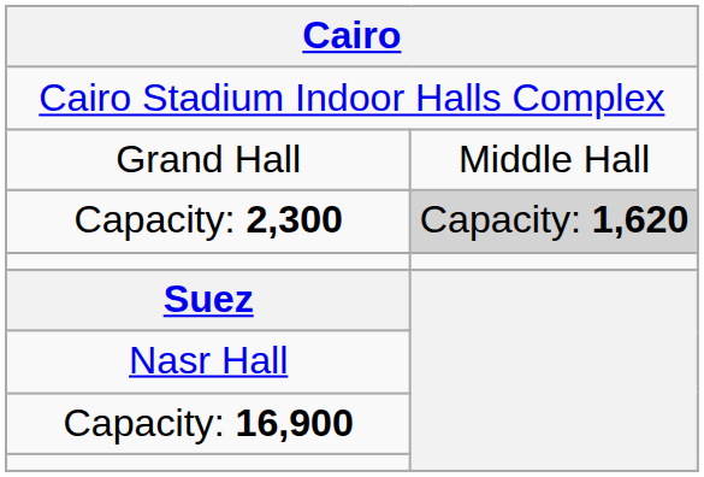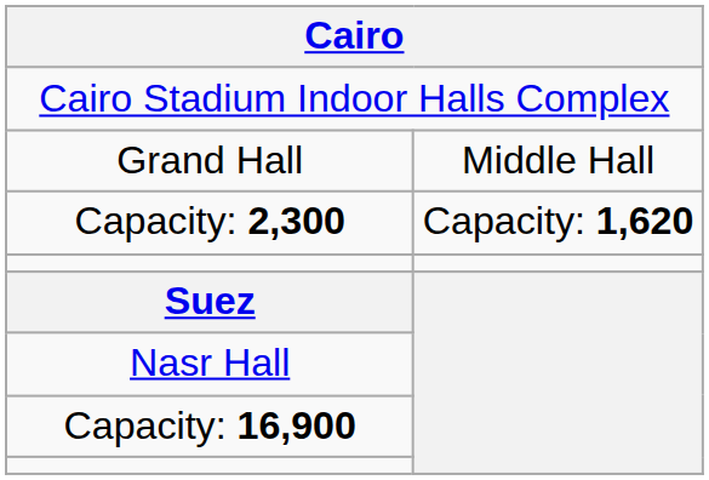 <table class="wikitable" style="text-align:center">
 <tr>
 <th colspan=2><a href='#'>Cairo</a></th>
 </tr>
 <tr>
 <td colspan=2><a href='#'>Cairo Stadium Indoor Halls Complex</a></td>
 </tr>
 <tr>
 <td>Grand Hall</td>
 <td>Middle Hall</td>
 </tr>
 <tr>
 <td>Capacity: <strong>2,300</strong></td>
-<td style="background: lightgrey;">Capacity: <strong>1,620</strong></td>
+<td>Capacity: <strong>1,620</strong></td>
 </tr>
 <tr>
 <td></td>
 <td></td>
 </tr>
 <tr>
 <th width=160><a href='#'>Suez</a></th>
 <th rowspan=8><br></th>
 </tr>
 <tr>
 <td><a href='#'>Nasr Hall</a></td>
 </tr>
 <tr>
 <td>Capacity: <strong>16,900</strong></td>
 </tr>
 <tr>
 <td></td>
 </tr>
 </table>
